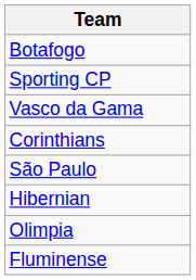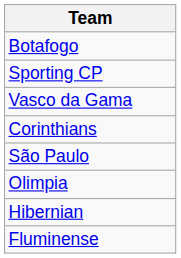 <table class="wikitable sortable">
 <tr>
 <th width=150px>Team</th>
 </tr>
 <tr>
 <td> <a href='#'>Botafogo</a></td>
 </tr>
 <tr>
 <td> <a href='#'>Sporting CP</a> </td>
 </tr>
 <tr>
 <td> <a href='#'>Vasco da Gama</a></td>
 </tr>
 <tr>
 <td> <a href='#'>Corinthians</a></td>
 </tr>
 <tr>
 <td> <a href='#'>São Paulo</a></td>
 </tr>
 <tr>
-<td> <a href='#'>Hibernian</a> </td>
+<td> <a href='#'>Olimpia</a></td>
 </tr>
 <tr>
-<td> <a href='#'>Olimpia</a></td>
+<td> <a href='#'>Hibernian</a> </td>
 </tr>
 <tr>
 <td> <a href='#'>Fluminense</a> </td>
 </tr>
 </table>
